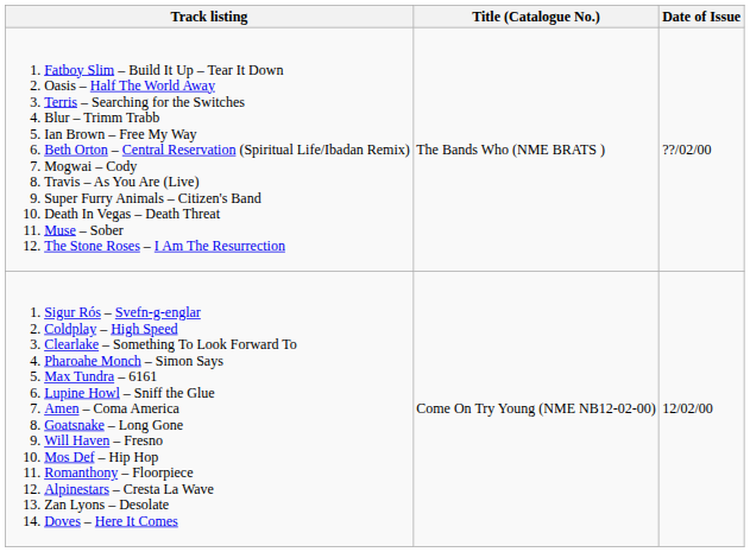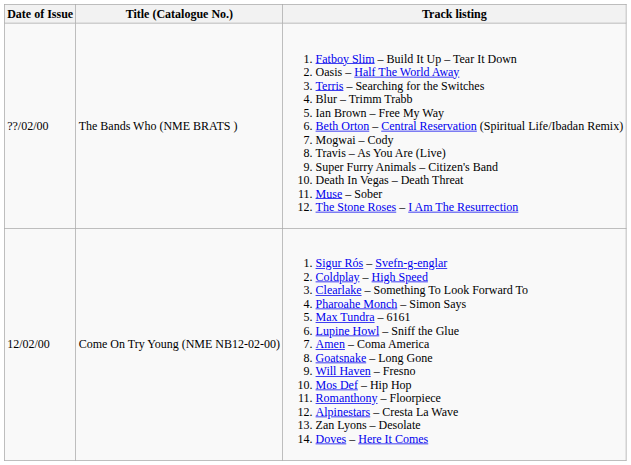 <table class="wikitable">
 <tr>
+<th>Date of Issue</th>
+<th>Title (Catalogue No.)</th>
 <th>Track listing</th>
-<th>Title (Catalogue No.)</th>
-<th>Date of Issue</th>
 </tr>
 <tr>
+<td>??/02/00</td>
+<td>The Bands Who (NME BRATS )</td>
 <td><br><ol><li><a href='#'>Fatboy Slim</a> – Build It Up – Tear It Down</li><li>Oasis – <a href='#'>Half The World Away</a></li><li><a href='#'>Terris</a> – Searching for the Switches</li><li>Blur – Trimm Trabb</li><li>Ian Brown – Free My Way</li><li><a href='#'>Beth Orton</a> – <a href='#'>Central Reservation</a> (Spiritual Life/Ibadan Remix)</li><li>Mogwai – Cody</li><li>Travis – As You Are (Live)</li><li>Super Furry Animals – Citizen's Band</li><li>Death In Vegas – Death Threat</li><li><a href='#'>Muse</a> – Sober</li><li><a href='#'>The Stone Roses</a> – <a href='#'>I Am The Resurrection</a></li></ol></td>
-<td>The Bands Who (NME BRATS )</td>
-<td>??/02/00</td>
 </tr>
 <tr>
+<td>12/02/00</td>
+<td>Come On Try Young (NME NB12-02-00)</td>
 <td><br><ol><li><a href='#'>Sigur Rós</a> – <a href='#'>Svefn-g-englar</a></li><li><a href='#'>Coldplay</a> – <a href='#'>High Speed</a></li><li><a href='#'>Clearlake</a> – Something To Look Forward To</li><li><a href='#'>Pharoahe Monch</a> – Simon Says</li><li><a href='#'>Max Tundra</a> – 6161</li><li><a href='#'>Lupine Howl</a> – Sniff the Glue</li><li><a href='#'>Amen</a> – Coma America</li><li><a href='#'>Goatsnake</a> – Long Gone</li><li><a href='#'>Will Haven</a> – Fresno</li><li><a href='#'>Mos Def</a> – Hip Hop</li><li><a href='#'>Romanthony</a> – Floorpiece</li><li><a href='#'>Alpinestars</a> – Cresta La Wave</li><li>Zan Lyons – Desolate</li><li><a href='#'>Doves</a> – <a href='#'>Here It Comes</a></li></ol></td>
-<td>Come On Try Young (NME NB12-02-00)</td>
-<td>12/02/00</td>
 </tr>
 </table>
